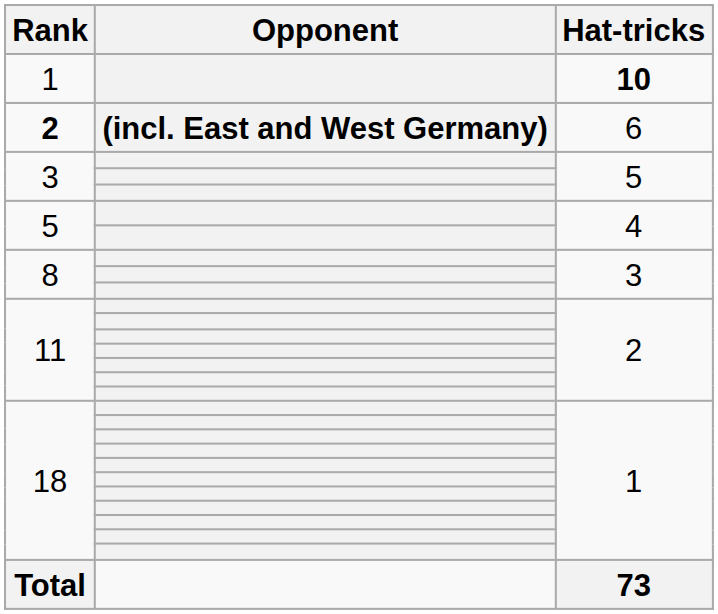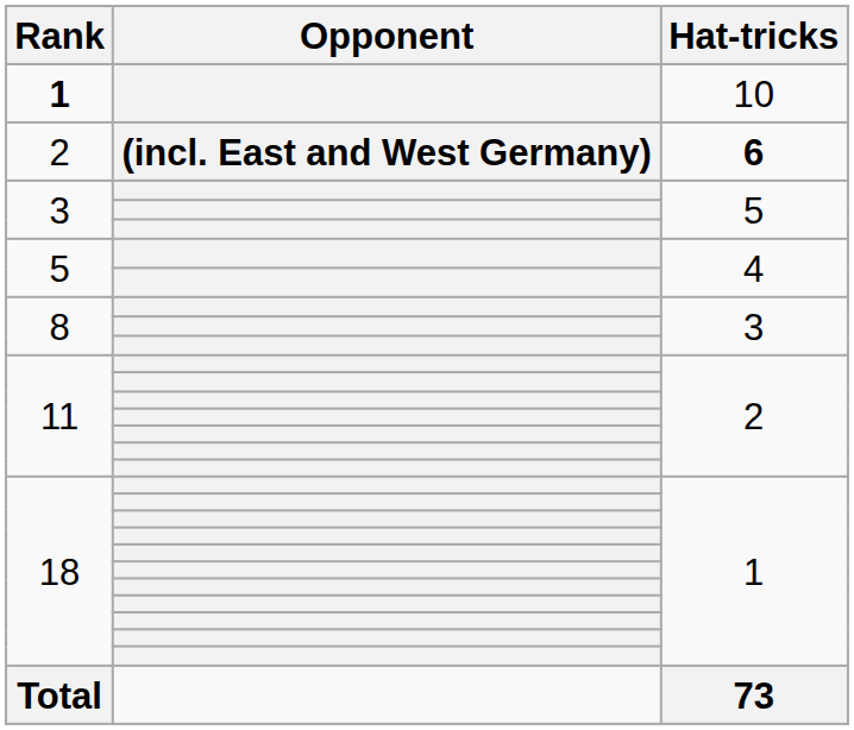 <table class="wikitable plainrowheaders sortable" style="text-align:center; font-size:95%">
 <tr>
 <th scope="col">Rank</th>
 <th scope="col">Opponent</th>
 <th scope="col">Hat-tricks</th>
 </tr>
 <tr>
-<td style="text-align:center">1</td>
+<td style="text-align:center"><strong>1</strong></td>
 <th scope="row"></th>
-<td><strong>10</strong></td>
+<td>10</td>
 </tr>
 <tr>
-<td style="text-align:center"><strong>2</strong></td>
+<td style="text-align:center">2</td>
 <th scope="row"> (incl. East and West Germany)</th>
-<td>6</td>
+<td><strong>6</strong></td>
 </tr>
 <tr>
 <td rowspan="3" style="text-align:center">3</td>
 <th scope="row"></th>
 <td rowspan="3">5</td>
 </tr>
 <tr>
 <th scope="row"></th>
 </tr>
 <tr>
 <th scope="row"></th>
 </tr>
 <tr>
 <td rowspan="2" style="text-align:center">5</td>
 <th scope="row"></th>
 <td rowspan="2">4</td>
 </tr>
 <tr>
 <th scope="row"></th>
 </tr>
 <tr>
 <td rowspan="3" style="text-align:center">8</td>
 <th scope="row"></th>
 <td rowspan="3">3</td>
 </tr>
 <tr>
 <th scope="row"></th>
 </tr>
 <tr>
 <th scope="row"></th>
 </tr>
 <tr>
 <td rowspan="7" style="text-align:center">11</td>
 <th scope="row"></th>
 <td rowspan="7">2</td>
 </tr>
 <tr>
 <th scope="row"></th>
 </tr>
 <tr>
 <th scope="row"></th>
 </tr>
 <tr>
 <th scope="row"></th>
 </tr>
 <tr>
 <th scope="row"></th>
 </tr>
 <tr>
 <th scope="row"></th>
 </tr>
 <tr>
 <th scope="row"></th>
 </tr>
 <tr>
 <td rowspan="11" style="text-align:center">18</td>
 <th scope="row"></th>
 <td rowspan="11">1</td>
 </tr>
 <tr>
 <th scope="row"></th>
 </tr>
 <tr>
 <th scope="row"></th>
 </tr>
 <tr>
 <th scope="row"></th>
 </tr>
 <tr>
 <th scope="row"></th>
 </tr>
 <tr>
 <th scope="row"></th>
 </tr>
 <tr>
 <th scope="row"></th>
 </tr>
 <tr>
 <th scope="row"></th>
 </tr>
 <tr>
 <th scope="row"></th>
 </tr>
 <tr>
 <th scope="row"></th>
 </tr>
 <tr>
 <th scope="row"></th>
 </tr>
 <tr>
 <th>Total</th>
 <td></td>
 <th>73</th>
 </tr>
 </table>
